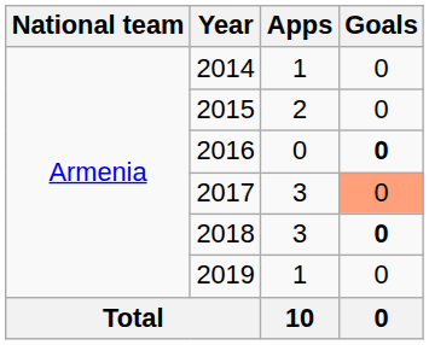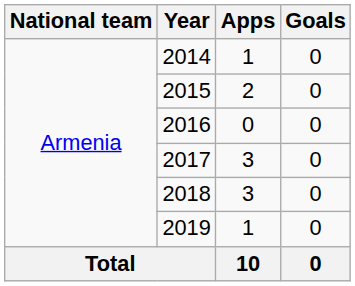 <table class="wikitable" style="text-align:center">
 <tr>
 <th>National team</th>
 <th>Year</th>
 <th>Apps</th>
 <th>Goals</th>
 </tr>
 <tr>
 <td rowspan="6"><a href='#'>Armenia</a></td>
 <td>2014</td>
 <td>1</td>
 <td>0</td>
 </tr>
 <tr>
 <td>2015</td>
 <td>2</td>
 <td>0</td>
 </tr>
 <tr>
 <td>2016</td>
 <td>0</td>
-<td><strong>0</strong></td>
+<td>0</td>
 </tr>
 <tr>
 <td>2017</td>
 <td>3</td>
-<td style="background: lightsalmon;">0</td>
+<td>0</td>
 </tr>
 <tr>
 <td>2018</td>
 <td>3</td>
-<td><strong>0</strong></td>
+<td>0</td>
 </tr>
 <tr>
 <td>2019</td>
 <td>1</td>
 <td>0</td>
 </tr>
 <tr>
 <th colspan="2">Total</th>
 <th>10</th>
 <th>0</th>
 </tr>
 </table>
